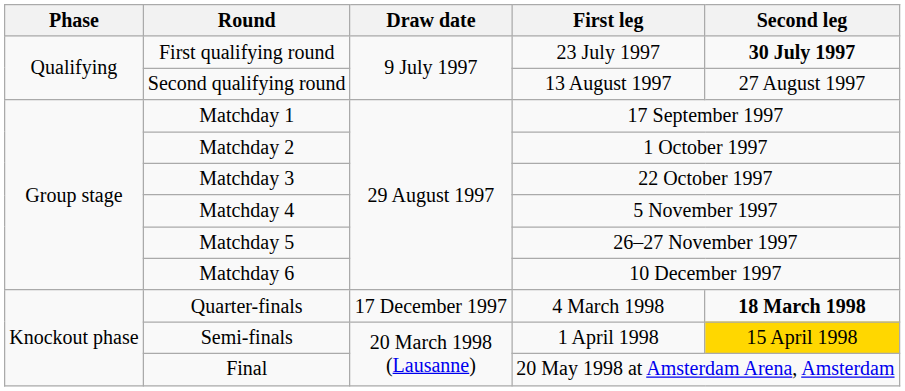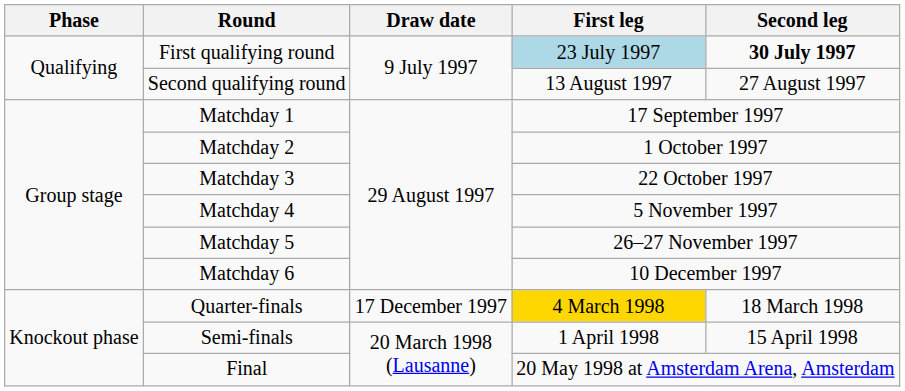 <table class="wikitable" style="text-align:center">
 <tr>
 <th>Phase</th>
 <th>Round</th>
 <th>Draw date</th>
 <th>First leg</th>
 <th>Second leg</th>
 </tr>
 <tr>
 <td rowspan=2>Qualifying</td>
 <td>First qualifying round</td>
 <td rowspan=2>9 July 1997</td>
-<td>23 July 1997</td>
+<td style="background: lightblue;">23 July 1997</td>
 <td><strong>30 July 1997</strong></td>
 </tr>
 <tr>
 <td>Second qualifying round</td>
 <td>13 August 1997</td>
 <td>27 August 1997</td>
 </tr>
 <tr>
 <td rowspan=6>Group stage</td>
 <td>Matchday 1</td>
 <td rowspan=6>29 August 1997</td>
 <td colspan=2>17 September 1997</td>
 </tr>
 <tr>
 <td>Matchday 2</td>
 <td colspan=2>1 October 1997</td>
 </tr>
 <tr>
 <td>Matchday 3</td>
 <td colspan=2>22 October 1997</td>
 </tr>
 <tr>
 <td>Matchday 4</td>
 <td colspan=2>5 November 1997</td>
 </tr>
 <tr>
 <td>Matchday 5</td>
 <td colspan=2>26–27 November 1997</td>
 </tr>
 <tr>
 <td>Matchday 6</td>
 <td colspan=2>10 December 1997</td>
 </tr>
 <tr>
 <td rowspan=3>Knockout phase</td>
 <td>Quarter-finals</td>
 <td>17 December 1997</td>
-<td>4 March 1998</td>
-<td><strong>18 March 1998</strong></td>
+<td style="background: gold;">4 March 1998</td>
+<td>18 March 1998</td>
 </tr>
 <tr>
 <td>Semi-finals</td>
 <td rowspan=2>20 March 1998<br>(<a href='#'>Lausanne</a>)</td>
 <td>1 April 1998</td>
-<td style="background: gold;">15 April 1998</td>
+<td>15 April 1998</td>
 </tr>
 <tr>
 <td>Final</td>
 <td colspan=2>20 May 1998 at <a href='#'>Amsterdam Arena</a>, <a href='#'>Amsterdam</a></td>
 </tr>
 </table>
